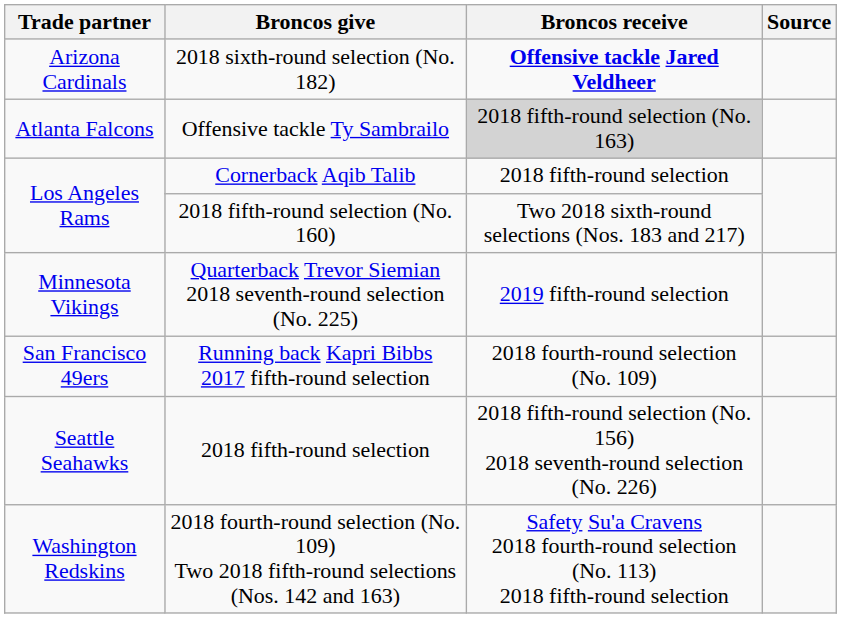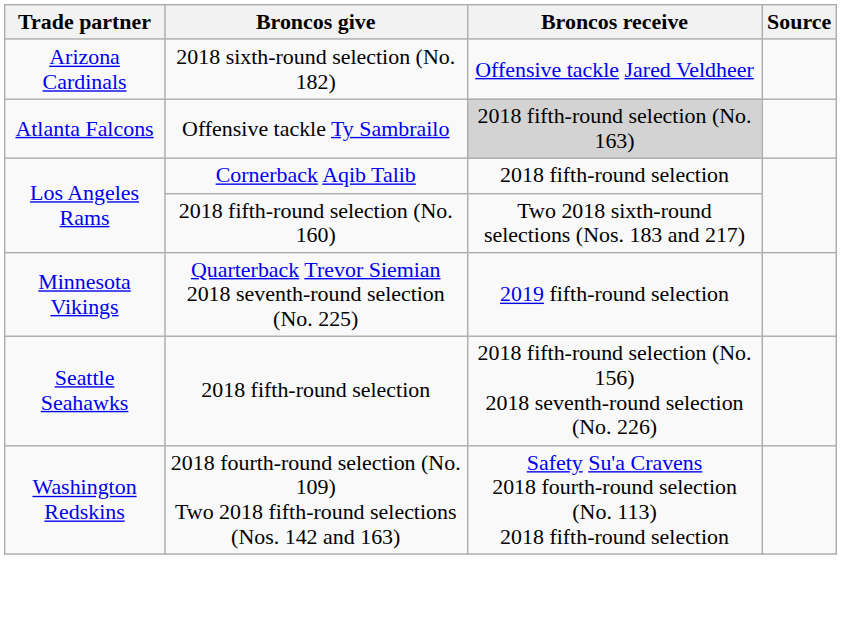 <table class="wikitable" style="text-align:center">
 <tr>
 <th>Trade partner</th>
 <th>Broncos give</th>
 <th>Broncos receive</th>
 <th>Source</th>
 </tr>
 <tr>
 <td><a href='#'>Arizona Cardinals</a></td>
 <td>2018 sixth-round selection (No. 182)</td>
-<td><strong><a href='#'>Offensive tackle</a> <a href='#'>Jared Veldheer</a></strong></td>
+<td><a href='#'>Offensive tackle</a> <a href='#'>Jared Veldheer</a></td>
 <td></td>
 </tr>
 <tr>
 <td><a href='#'>Atlanta Falcons</a></td>
 <td>Offensive tackle <a href='#'>Ty Sambrailo</a></td>
 <td style="background: lightgrey;">2018 fifth-round selection (No. 163)</td>
 <td></td>
 </tr>
 <tr>
 <td rowspan=2><a href='#'>Los Angeles Rams</a></td>
 <td><a href='#'>Cornerback</a> <a href='#'>Aqib Talib</a></td>
 <td>2018 fifth-round selection </td>
 <td rowspan=2></td>
 </tr>
 <tr>
 <td>2018 fifth-round selection (No. 160)</td>
 <td>Two 2018 sixth-round selections (Nos. 183 and 217)</td>
 </tr>
 <tr>
 <td><a href='#'>Minnesota Vikings</a></td>
 <td><a href='#'>Quarterback</a> <a href='#'>Trevor Siemian</a><br>2018 seventh-round selection (No. 225)</td>
 <td><a href='#'>2019</a> fifth-round selection</td>
 <td></td>
 </tr>
 <tr>
-<td><a href='#'>San Francisco 49ers</a></td>
-<td><a href='#'>Running back</a> <a href='#'>Kapri Bibbs</a><br><a href='#'>2017</a> fifth-round selection</td>
-<td>2018 fourth-round selection (No. 109)</td>
-<td></td>
-</tr>
-<tr>
 <td><a href='#'>Seattle Seahawks</a></td>
 <td>2018 fifth-round selection </td>
 <td>2018 fifth-round selection (No. 156)<br>2018 seventh-round selection (No. 226)</td>
 <td></td>
 </tr>
 <tr>
 <td><a href='#'>Washington Redskins</a></td>
 <td>2018 fourth-round selection (No. 109)<br>Two 2018 fifth-round selections (Nos. 142 and 163)</td>
 <td><a href='#'>Safety</a> <a href='#'>Su'a Cravens</a><br>2018 fourth-round selection (No. 113)<br>2018 fifth-round selection </td>
 <td></td>
 </tr>
 </table>
